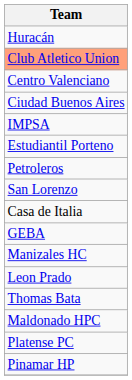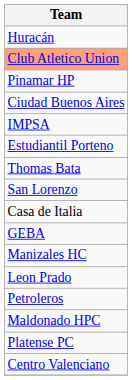 <table class="wikitable">
 <tr>
 <th>Team</th>
 </tr>
 <tr>
 <td> <a href='#'>Huracán</a></td>
 </tr>
 <tr>
 <td style="background: lightsalmon;"> <a href='#'>Club Atletico Union</a></td>
 </tr>
 <tr>
-<td> <a href='#'>Centro Valenciano</a></td>
+<td> <a href='#'>Pinamar HP</a></td>
 </tr>
 <tr>
 <td> <a href='#'>Ciudad Buenos Aires</a></td>
 </tr>
 <tr>
 <td> <a href='#'>IMPSA</a></td>
 </tr>
 <tr>
 <td> <a href='#'>Estudiantil Porteno</a></td>
 </tr>
 <tr>
-<td> <a href='#'>Petroleros</a></td>
+<td> <a href='#'>Thomas Bata</a></td>
 </tr>
 <tr>
 <td> <a href='#'>San Lorenzo</a></td>
 </tr>
 <tr>
 <td> Casa de Italia</td>
 </tr>
 <tr>
 <td> <a href='#'>GEBA</a></td>
 </tr>
 <tr>
 <td> <a href='#'>Manizales HC</a></td>
 </tr>
 <tr>
 <td> <a href='#'>Leon Prado</a></td>
 </tr>
 <tr>
-<td> <a href='#'>Thomas Bata</a></td>
+<td> <a href='#'>Petroleros</a></td>
 </tr>
 <tr>
 <td> <a href='#'>Maldonado HPC</a></td>
 </tr>
 <tr>
 <td> <a href='#'>Platense PC</a></td>
 </tr>
 <tr>
-<td> <a href='#'>Pinamar HP</a></td>
+<td> <a href='#'>Centro Valenciano</a></td>
 </tr>
 <tr>
 </tr>
 </table>
